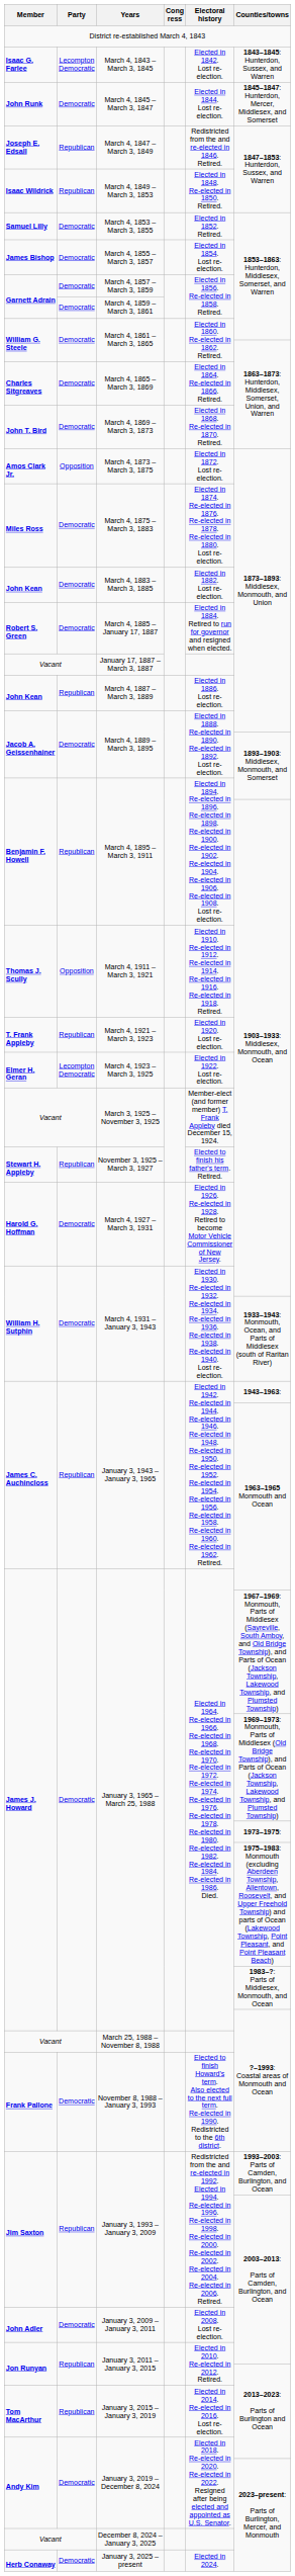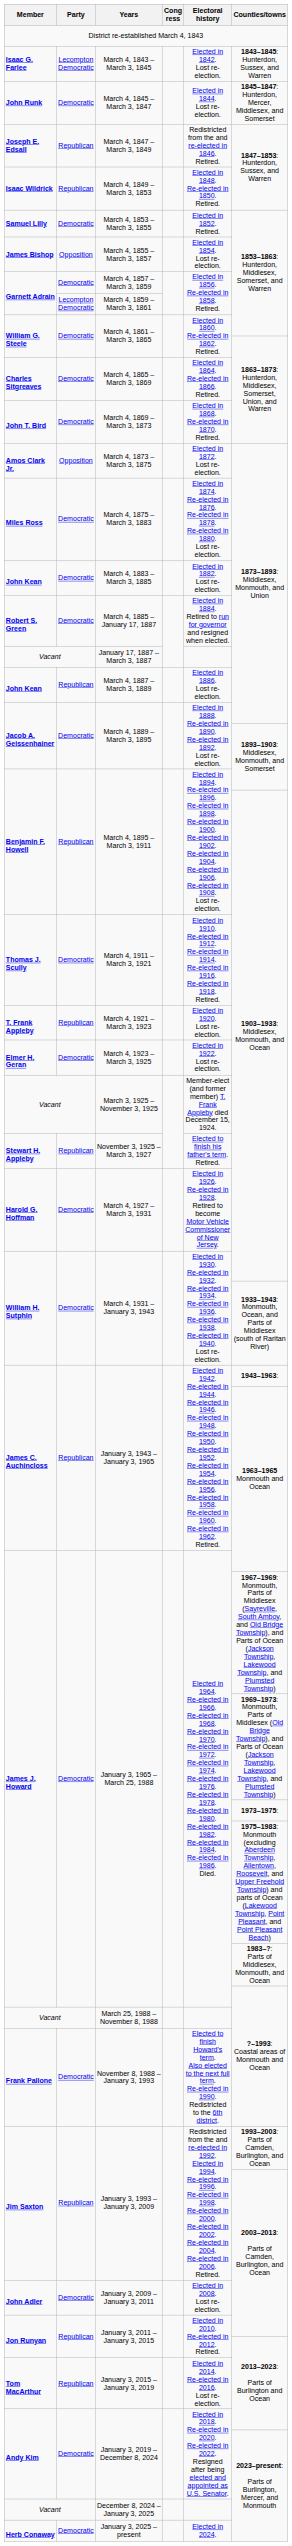 <table class=wikitable style="text-align:center">
 <tr style="height:3em">
 <th>Member<br></th>
 <th>Party</th>
 <th>Years</th>
 <th>Cong<br>ress</th>
 <th>Electoral history</th>
 <th>Counties/towns</th>
 </tr>
 <tr style="height:3em">
 <td colspan=6>District re-established March 4, 1843</td>
 </tr>
 <tr style="height:3em">
 <td align=left><strong><a href='#'>Isaac G. Farlee</a></strong><br></td>
 <td><a href='#'>Lecompton Democratic</a></td>
 <td nowrap>March 4, 1843 –<br>March 3, 1845</td>
 <td></td>
 <td><a href='#'>Elected in 1842</a>.<br>Lost re-election.</td>
 <td><strong>1843–1845</strong>:<br>Hunterdon, Sussex, and Warren</td>
 </tr>
 <tr style="height:3em">
 <td align=left><strong><a href='#'>John Runk</a></strong><br></td>
 <td><a href='#'>Democratic</a></td>
 <td nowrap>March 4, 1845 –<br>March 3, 1847</td>
 <td></td>
 <td><a href='#'>Elected in 1844</a>.<br>Lost re-election.</td>
 <td><strong>1845–1847</strong>:<br>Hunterdon, Mercer, Middlesex, and Somerset</td>
 </tr>
 <tr style="height:3em">
 <td align=left><strong><a href='#'>Joseph E. Edsall</a></strong><br></td>
 <td><a href='#'>Republican</a></td>
 <td nowrap>March 4, 1847 –<br>March 3, 1849</td>
 <td></td>
 <td>Redistricted from the  and <a href='#'>re-elected in 1846</a>.<br>Retired.</td>
 <td rowspan=2><strong>1847–1853</strong>:<br>Hunterdon, Sussex, and Warren</td>
 </tr>
 <tr style="height:3em">
 <td align=left><strong><a href='#'>Isaac Wildrick</a></strong><br></td>
 <td><a href='#'>Republican</a></td>
 <td nowrap>March 4, 1849 –<br>March 3, 1853</td>
 <td></td>
 <td><a href='#'>Elected in 1848</a>.<br><a href='#'>Re-elected in 1850</a>.<br>Retired.</td>
 </tr>
 <tr style="height:3em">
 <td align=left><strong><a href='#'>Samuel Lilly</a></strong><br></td>
 <td><a href='#'>Democratic</a></td>
 <td nowrap>March 4, 1853 –<br>March 3, 1855</td>
 <td></td>
 <td><a href='#'>Elected in 1852</a>.<br>Retired.</td>
 <td rowspan=5><strong>1853–1863</strong>:<br>Hunterdon, Middlesex, Somerset, and Warren</td>
 </tr>
 <tr style="height:3em">
 <td align=left><strong><a href='#'>James Bishop</a></strong><br></td>
-<td><a href='#'>Democratic</a></td>
+<td><a href='#'>Opposition</a></td>
 <td nowrap>March 4, 1855 –<br>March 3, 1857</td>
 <td></td>
 <td><a href='#'>Elected in 1854</a>.<br>Lost re-election.</td>
 </tr>
 <tr style="height:3em">
 <td align=left rowspan=2 nowrap><br><strong><a href='#'>Garnett Adrain</a></strong><br></td>
 <td><a href='#'>Democratic</a></td>
 <td nowrap>March 4, 1857 –<br>March 3, 1859</td>
 <td rowspan=2></td>
 <td rowspan=2><a href='#'>Elected in 1856</a>.<br><a href='#'>Re-elected in 1858</a>.<br>Retired.</td>
 </tr>
 <tr style="height:3em">
-<td><a href='#'>Democratic</a></td>
+<td><a href='#'>Lecompton Democratic</a></td>
 <td nowrap>March 4, 1859 –<br>March 3, 1861</td>
 </tr>
 <tr style="height:3em">
 <td rowspan=2 align=left><br><strong><a href='#'>William G. Steele</a></strong><br></td>
 <td rowspan=2 ><a href='#'>Democratic</a></td>
 <td rowspan=2 nowrap>March 4, 1861 –<br>March 3, 1865</td>
 <td rowspan=2></td>
 <td rowspan=2><a href='#'>Elected in 1860</a>.<br><a href='#'>Re-elected in 1862</a>.<br>Retired.</td>
 </tr>
 <tr style="height:3em">
 <td rowspan=3><strong>1863–1873</strong>:<br>Hunterdon, Middlesex, Somerset, Union, and Warren</td>
 </tr>
 <tr style="height:3em">
 <td align=left><br><strong><a href='#'>Charles Sitgreaves</a></strong><br></td>
 <td><a href='#'>Democratic</a></td>
 <td nowrap>March 4, 1865 –<br>March 3, 1869</td>
 <td></td>
 <td><a href='#'>Elected in 1864</a>.<br><a href='#'>Re-elected in 1866</a>.<br>Retired.</td>
 </tr>
 <tr style="height:3em">
 <td align=left><br><strong><a href='#'>John T. Bird</a></strong><br></td>
 <td><a href='#'>Democratic</a></td>
 <td nowrap>March 4, 1869 –<br>March 3, 1873</td>
 <td></td>
 <td><a href='#'>Elected in 1868</a>.<br><a href='#'>Re-elected in 1870</a>.<br>Retired.</td>
 </tr>
 <tr style="height:3em">
 <td align=left><br><strong><a href='#'>Amos Clark Jr.</a></strong><br></td>
 <td><a href='#'>Opposition</a></td>
 <td nowrap>March 4, 1873 –<br>March 3, 1875</td>
 <td></td>
 <td><a href='#'>Elected in 1872</a>.<br>Lost re-election.</td>
 <td rowspan=7><strong>1873–1893</strong>:<br>Middlesex, Monmouth, and Union</td>
 </tr>
 <tr style="height:3em">
 <td align=left><br><strong><a href='#'>Miles Ross</a></strong><br></td>
 <td><a href='#'>Democratic</a></td>
 <td nowrap>March 4, 1875 –<br>March 3, 1883</td>
 <td></td>
 <td><a href='#'>Elected in 1874</a>.<br><a href='#'>Re-elected in 1876</a>.<br><a href='#'>Re-elected in 1878</a>.<br><a href='#'>Re-elected in 1880</a>.<br>Lost re-election.</td>
 </tr>
 <tr style="height:3em">
 <td align=left><br><strong><a href='#'>John Kean</a></strong><br></td>
 <td><a href='#'>Democratic</a></td>
 <td nowrap>March 4, 1883 –<br>March 3, 1885</td>
 <td></td>
 <td><a href='#'>Elected in 1882</a>.<br>Lost re-election.</td>
 </tr>
 <tr style="height:3em">
 <td align=left><br><strong><a href='#'>Robert S. Green</a></strong><br></td>
 <td><a href='#'>Democratic</a></td>
 <td nowrap>March 4, 1885 –<br>January 17, 1887</td>
 <td rowspan=2></td>
 <td><a href='#'>Elected in 1884</a>.<br>Retired to <a href='#'>run for governor</a> and resigned when elected.</td>
 </tr>
 <tr style="height:3em">
 <td colspan=2><em>Vacant</em></td>
 <td nowrap>January 17, 1887 –<br>March 3, 1887</td>
 </tr>
 <tr style="height:3em">
 <td align=left><br><strong><a href='#'>John Kean</a></strong><br></td>
 <td><a href='#'>Republican</a></td>
 <td nowrap>March 4, 1887 –<br>March 3, 1889</td>
 <td></td>
 <td><a href='#'>Elected in 1886</a>.<br>Lost re-election.</td>
 </tr>
 <tr style="height:3em">
 <td rowspan=2 align=left><br><strong><a href='#'>Jacob A. Geissenhainer</a></strong><br></td>
 <td rowspan=2 ><a href='#'>Democratic</a></td>
 <td rowspan=2 nowrap>March 4, 1889 –<br>March 3, 1895</td>
 <td rowspan=2></td>
 <td rowspan=2><a href='#'>Elected in 1888</a>.<br><a href='#'>Re-elected in 1890</a>.<br><a href='#'>Re-elected in 1892</a>.<br>Lost re-election.</td>
 </tr>
 <tr style="height:3em">
 <td rowspan=2><strong>1893–1903</strong>:<br>Middlesex, Monmouth, and Somerset</td>
 </tr>
 <tr style="height:3em">
 <td rowspan=2 align=left><br><strong><a href='#'>Benjamin F. Howell</a></strong><br></td>
 <td rowspan=2 ><a href='#'>Republican</a></td>
 <td rowspan=2 nowrap>March 4, 1895 –<br>March 3, 1911</td>
 <td rowspan=2></td>
 <td rowspan=2><a href='#'>Elected in 1894</a>.<br><a href='#'>Re-elected in 1896</a>.<br><a href='#'>Re-elected in 1898</a>.<br><a href='#'>Re-elected in 1900</a>.<br><a href='#'>Re-elected in 1902</a>.<br><a href='#'>Re-elected in 1904</a>.<br><a href='#'>Re-elected in 1906</a>.<br><a href='#'>Re-elected in 1908</a>.<br>Lost re-election.</td>
 </tr>
 <tr style="height:3em">
 <td rowspan=8><strong>1903–1933</strong>:<br>Middlesex, Monmouth, and Ocean</td>
 </tr>
 <tr style="height:3em">
 <td align=left><br><strong><a href='#'>Thomas J. Scully</a></strong><br></td>
-<td><a href='#'>Opposition</a></td>
+<td><a href='#'>Democratic</a></td>
 <td nowrap>March 4, 1911 –<br>March 3, 1921</td>
 <td></td>
 <td><a href='#'>Elected in 1910</a>.<br><a href='#'>Re-elected in 1912</a>.<br><a href='#'>Re-elected in 1914</a>.<br><a href='#'>Re-elected in 1916</a>.<br><a href='#'>Re-elected in 1918</a>.<br>Retired.</td>
 </tr>
 <tr style="height:3em">
 <td align=left><br><strong><a href='#'>T. Frank Appleby</a></strong><br></td>
 <td><a href='#'>Republican</a></td>
 <td nowrap>March 4, 1921 –<br>March 3, 1923</td>
 <td></td>
 <td><a href='#'>Elected in 1920</a>.<br>Lost re-election.</td>
 </tr>
 <tr style="height:3em">
 <td align=left><br><strong><a href='#'>Elmer H. Geran</a></strong><br></td>
-<td><a href='#'>Lecompton Democratic</a></td>
+<td><a href='#'>Democratic</a></td>
 <td nowrap>March 4, 1923 –<br>March 3, 1925</td>
 <td></td>
 <td><a href='#'>Elected in 1922</a>.<br>Lost re-election.</td>
 </tr>
 <tr style="height:3em">
 <td colspan=2><em>Vacant</em></td>
 <td nowrap>March 3, 1925 –<br>November 3, 1925</td>
 <td rowspan=2></td>
 <td>Member-elect (and former member) <a href='#'>T. Frank Appleby</a> died December 15, 1924.</td>
 </tr>
 <tr style="height:3em">
 <td align=left><br><strong><a href='#'>Stewart H. Appleby</a></strong><br></td>
 <td><a href='#'>Republican</a></td>
 <td nowrap>November 3, 1925 –<br>March 3, 1927</td>
 <td><a href='#'>Elected to finish his father's term</a>.<br>Retired.</td>
 </tr>
 <tr style="height:3em">
 <td align=left><br><strong><a href='#'>Harold G. Hoffman</a></strong><br></td>
 <td><a href='#'>Democratic</a></td>
 <td nowrap>March 4, 1927 –<br>March 3, 1931</td>
 <td></td>
 <td><a href='#'>Elected in 1926</a>.<br><a href='#'>Re-elected in 1928</a>.<br>Retired to become <a href='#'>Motor Vehicle Commissioner of New Jersey</a>.</td>
 </tr>
 <tr style="height:3em">
 <td rowspan=2 align=left><br><strong><a href='#'>William H. Sutphin</a></strong><br></td>
 <td rowspan=2 ><a href='#'>Democratic</a></td>
 <td rowspan=2 nowrap>March 4, 1931 –<br>January 3, 1943</td>
 <td rowspan=2></td>
 <td rowspan=2><a href='#'>Elected in 1930</a>.<br><a href='#'>Re-elected in 1932</a>.<br><a href='#'>Re-elected in 1934</a>.<br><a href='#'>Re-elected in 1936</a>.<br><a href='#'>Re-elected in 1938</a>.<br><a href='#'>Re-elected in 1940</a>.<br>Lost re-election.</td>
 </tr>
 <tr style="height:3em">
 <td><strong>1933–1943</strong>:<br>Monmouth, Ocean, and Parts of Middlesex (south of Raritan River)</td>
 </tr>
 <tr style="height:3em">
 <td rowspan=2 align=left><br><strong><a href='#'>James C. Auchincloss</a></strong><br></td>
 <td rowspan=2 ><a href='#'>Republican</a></td>
 <td rowspan=2 nowrap>January 3, 1943 –<br>January 3, 1965</td>
 <td rowspan=2></td>
 <td rowspan=2><a href='#'>Elected in 1942</a>.<br><a href='#'>Re-elected in 1944</a>.<br><a href='#'>Re-elected in 1946</a>.<br><a href='#'>Re-elected in 1948</a>.<br><a href='#'>Re-elected in 1950</a>.<br><a href='#'>Re-elected in 1952</a>.<br><a href='#'>Re-elected in 1954</a>.<br><a href='#'>Re-elected in 1956</a>.<br><a href='#'>Re-elected in 1958</a>.<br><a href='#'>Re-elected in 1960</a>.<br><a href='#'>Re-elected in 1962</a>.<br>Retired.</td>
 <td><strong>1943–1963</strong>:<br></td>
 </tr>
 <tr style="height:3em">
 <td rowspan=2><strong>1963–1965</strong><br>Monmouth and Ocean</td>
 </tr>
 <tr style="height:3em">
 <td rowspan=7 align=left><br><strong><a href='#'>James J. Howard</a></strong><br></td>
 <td rowspan=7 ><a href='#'>Democratic</a></td>
 <td rowspan=7 nowrap>January 3, 1965 –<br>March 25, 1988</td>
 <td rowspan=7></td>
 <td rowspan=7><a href='#'>Elected in 1964</a>.<br><a href='#'>Re-elected in 1966</a>.<br><a href='#'>Re-elected in 1968</a>.<br><a href='#'>Re-elected in 1970</a>.<br><a href='#'>Re-elected in 1972</a>.<br><a href='#'>Re-elected in 1974</a>.<br><a href='#'>Re-elected in 1976</a>.<br><a href='#'>Re-elected in 1978</a>.<br><a href='#'>Re-elected in 1980</a>.<br><a href='#'>Re-elected in 1982</a>.<br><a href='#'>Re-elected in 1984</a>.<br><a href='#'>Re-elected in 1986</a>.<br>Died.</td>
 </tr>
 <tr style="height:3em">
 <td><strong>1967–1969</strong>:<br>Monmouth, Parts of Middlesex (<a href='#'>Sayreville</a>, <a href='#'>South Amboy</a>, and <a href='#'>Old Bridge Township</a>), and Parts of Ocean (<a href='#'>Jackson Township</a>, <a href='#'>Lakewood Township</a>, and <a href='#'>Plumsted Township</a>)</td>
 </tr>
 <tr style="height:3em">
 <td><strong>1969–1973</strong>:<br>Monmouth, Parts of Middlesex (<a href='#'>Old Bridge Township</a>), and Parts of Ocean (<a href='#'>Jackson Township</a>, <a href='#'>Lakewood Township</a>, and <a href='#'>Plumsted Township</a>)</td>
 </tr>
 <tr style="height:3em">
 <td><strong>1973–1975</strong>:<br></td>
 </tr>
 <tr style="height:3em">
 <td><strong>1975–1983</strong>:<br>Monmouth (excluding <a href='#'>Aberdeen Township</a>, <a href='#'>Allentown</a>, <a href='#'>Roosevelt</a>, and <a href='#'>Upper Freehold Township</a>) and parts of Ocean (<a href='#'>Lakewood Township</a>, <a href='#'>Point Pleasant</a>, and <a href='#'>Point Pleasant Beach</a>)</td>
 </tr>
 <tr style="height:3em">
 <td><strong>1983–?</strong>:<br>Parts of Middlesex, Monmouth, and Ocean</td>
 </tr>
 <tr style="height:3em">
 <td rowspan=3><strong>?–1993</strong>:<br>Coastal areas of Monmouth and Ocean</td>
 </tr>
 <tr style="height:3em">
 <td colspan=2><em>Vacant</em></td>
 <td nowrap>March 25, 1988 –<br>November 8, 1988</td>
 <td></td>
 </tr>
 <tr style="height:3em">
 <td align=left><br><strong><a href='#'>Frank Pallone</a></strong><br></td>
 <td><a href='#'>Democratic</a></td>
 <td nowrap>November 8, 1988 –<br>January 3, 1993</td>
 <td></td>
 <td><a href='#'>Elected to finish Howard's term</a>.<br><a href='#'>Also elected to the next full term</a>.<br><a href='#'>Re-elected in 1990</a>.<br>Redistricted to the <a href='#'>6th district</a>.</td>
 </tr>
 <tr style="height:3em">
 <td rowspan=2 align=left><br><strong><a href='#'>Jim Saxton</a></strong><br></td>
 <td rowspan=2 ><a href='#'>Republican</a></td>
 <td rowspan=2 nowrap>January 3, 1993 –<br>January 3, 2009</td>
 <td rowspan=2></td>
 <td rowspan=2>Redistricted from the  and <a href='#'>re-elected in 1992</a>.<br><a href='#'>Elected in 1994</a>.<br><a href='#'>Re-elected in 1996</a>.<br><a href='#'>Re-elected in 1998</a>.<br><a href='#'>Re-elected in 2000</a>.<br><a href='#'>Re-elected in 2002</a>.<br><a href='#'>Re-elected in 2004</a>.<br><a href='#'>Re-elected in 2006</a>.<br>Retired.</td>
 <td><strong>1993–2003</strong>:<br>Parts of Camden, Burlington, and Ocean</td>
 </tr>
 <tr style="height:3em">
 <td rowspan=3><strong>2003–2013</strong>:<br><br>Parts of Camden, Burlington, and Ocean</td>
 </tr>
 <tr style="height:3em">
 <td align=left><br><strong><a href='#'>John Adler</a></strong><br></td>
 <td><a href='#'>Democratic</a></td>
 <td nowrap>January 3, 2009 –<br>January 3, 2011</td>
 <td></td>
 <td><a href='#'>Elected in 2008</a>.<br>Lost re-election.</td>
 </tr>
 <tr style="height:3em">
 <td rowspan=2 align=left><br><strong><a href='#'>Jon Runyan</a></strong><br></td>
 <td rowspan=2 ><a href='#'>Republican</a></td>
 <td rowspan=2 nowrap>January 3, 2011 –<br>January 3, 2015</td>
 <td rowspan=2></td>
 <td rowspan=2><a href='#'>Elected in 2010</a>.<br><a href='#'>Re-elected in 2012</a>.<br>Retired.</td>
 </tr>
 <tr style="height:3em">
 <td rowspan=3><strong>2013–2023</strong>:<br><br>Parts of Burlington and Ocean</td>
 </tr>
 <tr style="height:3em">
 <td align=left><br><strong><a href='#'>Tom MacArthur</a></strong><br></td>
 <td><a href='#'>Republican</a></td>
 <td nowrap>January 3, 2015 –<br>January 3, 2019</td>
 <td></td>
 <td><a href='#'>Elected in 2014</a>.<br><a href='#'>Re-elected in 2016</a>.<br>Lost re-election.</td>
 </tr>
 <tr style="height:3em">
 <td rowspan=2 align=left><br><strong><a href='#'>Andy Kim</a></strong><br></td>
 <td rowspan=2 ><a href='#'>Democratic</a></td>
 <td rowspan=2 nowrap>January 3, 2019 –<br>December 8, 2024</td>
 <td rowspan=2></td>
 <td rowspan=2><a href='#'>Elected in 2018</a>.<br><a href='#'>Re-elected in 2020</a>.<br><a href='#'>Re-elected in 2022</a>.<br>Resigned after being <a href='#'>elected and appointed as U.S. Senator</a>.</td>
 </tr>
 <tr style="height:3em">
 <td rowspan=3><strong>2023–present</strong>:<br><br>Parts of Burlington, Mercer, and Monmouth</td>
 </tr>
 <tr style="height:3em">
 <td colspan=2><em>Vacant</em></td>
 <td nowrap>December 8, 2024 –<br>January 3, 2025</td>
 <td></td>
 </tr>
 <tr style="height:3em">
 <td align=left><br><strong><a href='#'>Herb Conaway</a></strong><br></td>
 <td><a href='#'>Democratic</a></td>
 <td nowrap>January 3, 2025 –<br>present</td>
 <td></td>
 <td><a href='#'>Elected in 2024</a>.</td>
 </tr>
 </table>
